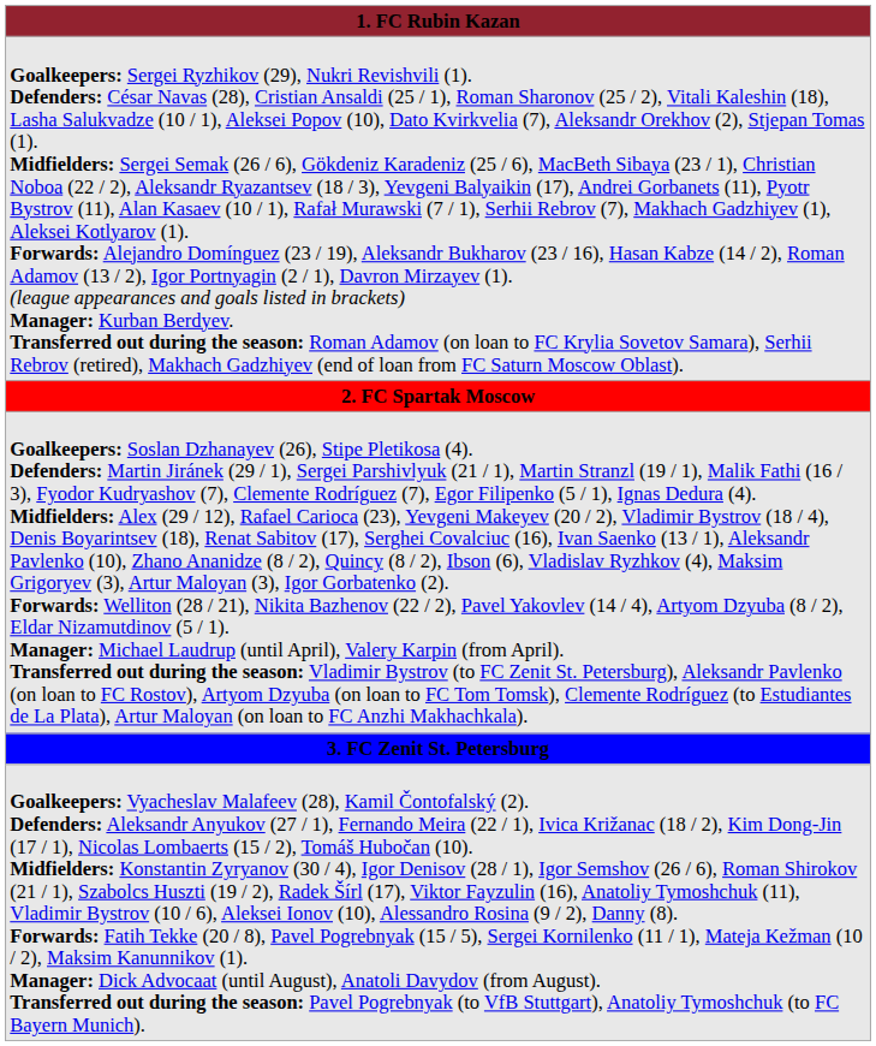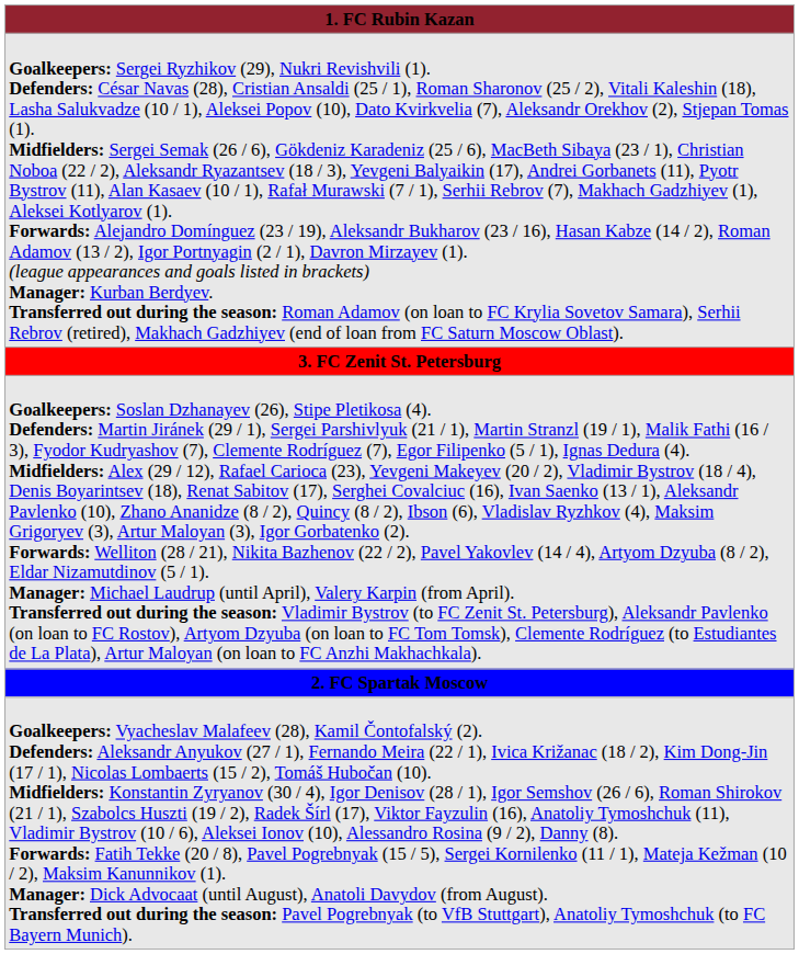 <table class="wikitable" Width="700">
 <tr bgcolor="#92222f">
 <td align="center" width="700"><span> <strong>1. FC Rubin Kazan</strong> </span></td>
 </tr>
 <tr bgcolor="#E8E8E8">
 <td align="left" width="700"><br><strong>Goalkeepers:</strong> <a href='#'>Sergei Ryzhikov</a> (29), <a href='#'>Nukri Revishvili</a>  (1).<br> <strong>Defenders:</strong> <a href='#'>César Navas</a>  (28), <a href='#'>Cristian Ansaldi</a>  (25 / 1), <a href='#'>Roman Sharonov</a> (25 / 2), <a href='#'>Vitali Kaleshin</a> (18), <a href='#'>Lasha Salukvadze</a>  (10 / 1), <a href='#'>Aleksei Popov</a> (10), <a href='#'>Dato Kvirkvelia</a>  (7), <a href='#'>Aleksandr Orekhov</a> (2), <a href='#'>Stjepan Tomas</a>  (1).<br> <strong>Midfielders:</strong> <a href='#'>Sergei Semak</a> (26 / 6), <a href='#'>Gökdeniz Karadeniz</a>  (25 / 6), <a href='#'>MacBeth Sibaya</a>  (23 / 1), <a href='#'>Christian Noboa</a>  (22 / 2), <a href='#'>Aleksandr Ryazantsev</a> (18 / 3), <a href='#'>Yevgeni Balyaikin</a> (17), <a href='#'>Andrei Gorbanets</a> (11), <a href='#'>Pyotr Bystrov</a> (11), <a href='#'>Alan Kasaev</a> (10 / 1), <a href='#'>Rafał Murawski</a>  (7 / 1), <a href='#'>Serhii Rebrov</a>  (7), <a href='#'>Makhach Gadzhiyev</a> (1), <a href='#'>Aleksei Kotlyarov</a> (1).<br> <strong>Forwards:</strong> <a href='#'>Alejandro Domínguez</a>  (23 / 19), <a href='#'>Aleksandr Bukharov</a> (23 / 16), <a href='#'>Hasan Kabze</a>  (14 / 2), <a href='#'>Roman Adamov</a> (13 / 2), <a href='#'>Igor Portnyagin</a> (2 / 1), <a href='#'>Davron Mirzayev</a>  (1).<br><em>(league appearances and goals listed in brackets)</em><br><strong>Manager:</strong> <a href='#'>Kurban Berdyev</a>.<br><strong>Transferred out during the season:</strong> <a href='#'>Roman Adamov</a> (on loan to <a href='#'>FC Krylia Sovetov Samara</a>), <a href='#'>Serhii Rebrov</a>  (retired), <a href='#'>Makhach Gadzhiyev</a> (end of loan from <a href='#'>FC Saturn Moscow Oblast</a>).</td>
 </tr>
 <tr bgcolor="#FF0000">
-<td align="center" width="700"><span> <strong>2. FC Spartak Moscow</strong> </span></td>
+<td align="center" width="700"><span> <strong>3. FC Zenit St. Petersburg</strong> </span></td>
 </tr>
 <tr bgcolor="#E8E8E8">
 <td align="left" width="700"><br><strong>Goalkeepers:</strong> <a href='#'>Soslan Dzhanayev</a> (26), <a href='#'>Stipe Pletikosa</a>  (4).<br> <strong>Defenders:</strong> <a href='#'>Martin Jiránek</a>  (29 / 1), <a href='#'>Sergei Parshivlyuk</a> (21 / 1), <a href='#'>Martin Stranzl</a>  (19 / 1), <a href='#'>Malik Fathi</a>  (16 / 3), <a href='#'>Fyodor Kudryashov</a> (7), <a href='#'>Clemente Rodríguez</a>  (7), <a href='#'>Egor Filipenko</a>  (5 / 1), <a href='#'>Ignas Dedura</a>  (4).<br> <strong>Midfielders:</strong> <a href='#'>Alex</a>  (29 / 12), <a href='#'>Rafael Carioca</a>  (23), <a href='#'>Yevgeni Makeyev</a> (20 / 2), <a href='#'>Vladimir Bystrov</a> (18 / 4), <a href='#'>Denis Boyarintsev</a> (18), <a href='#'>Renat Sabitov</a> (17), <a href='#'>Serghei Covalciuc</a>  (16), <a href='#'>Ivan Saenko</a> (13 / 1), <a href='#'>Aleksandr Pavlenko</a> (10), <a href='#'>Zhano Ananidze</a>  (8 / 2), <a href='#'>Quincy</a>  (8 / 2), <a href='#'>Ibson</a>  (6), <a href='#'>Vladislav Ryzhkov</a> (4), <a href='#'>Maksim Grigoryev</a> (3), <a href='#'>Artur Maloyan</a> (3), <a href='#'>Igor Gorbatenko</a> (2).<br> <strong>Forwards:</strong> <a href='#'>Welliton</a>  (28 / 21), <a href='#'>Nikita Bazhenov</a> (22 / 2), <a href='#'>Pavel Yakovlev</a> (14 / 4), <a href='#'>Artyom Dzyuba</a> (8 / 2), <a href='#'>Eldar Nizamutdinov</a> (5 / 1).<br><strong>Manager:</strong> <a href='#'>Michael Laudrup</a>  (until April), <a href='#'>Valery Karpin</a> (from April).<br><strong>Transferred out during the season:</strong> <a href='#'>Vladimir Bystrov</a> (to <a href='#'>FC Zenit St. Petersburg</a>), <a href='#'>Aleksandr Pavlenko</a> (on loan to <a href='#'>FC Rostov</a>), <a href='#'>Artyom Dzyuba</a> (on loan to <a href='#'>FC Tom Tomsk</a>), <a href='#'>Clemente Rodríguez</a>  (to  <a href='#'>Estudiantes de La Plata</a>), <a href='#'>Artur Maloyan</a> (on loan to <a href='#'>FC Anzhi Makhachkala</a>).</td>
 </tr>
 <tr bgcolor="#0000FF">
-<td align="center" width="700"><span> <strong>3. FC Zenit St. Petersburg</strong> </span></td>
+<td align="center" width="700"><span> <strong>2. FC Spartak Moscow</strong> </span></td>
 </tr>
 <tr bgcolor="#E8E8E8">
 <td align="left" width="700"><br><strong>Goalkeepers:</strong> <a href='#'>Vyacheslav Malafeev</a> (28), <a href='#'>Kamil Čontofalský</a>  (2).<br> <strong>Defenders:</strong> <a href='#'>Aleksandr Anyukov</a> (27 / 1), <a href='#'>Fernando Meira</a>  (22 / 1), <a href='#'>Ivica Križanac</a>  (18 / 2), <a href='#'>Kim Dong-Jin</a>  (17 / 1), <a href='#'>Nicolas Lombaerts</a>  (15 / 2), <a href='#'>Tomáš Hubočan</a>  (10).<br> <strong>Midfielders:</strong> <a href='#'>Konstantin Zyryanov</a> (30 / 4), <a href='#'>Igor Denisov</a> (28 / 1), <a href='#'>Igor Semshov</a> (26 / 6), <a href='#'>Roman Shirokov</a> (21 / 1), <a href='#'>Szabolcs Huszti</a>  (19 / 2), <a href='#'>Radek Šírl</a>  (17), <a href='#'>Viktor Fayzulin</a> (16), <a href='#'>Anatoliy Tymoshchuk</a>  (11), <a href='#'>Vladimir Bystrov</a> (10 / 6), <a href='#'>Aleksei Ionov</a> (10), <a href='#'>Alessandro Rosina</a>  (9 / 2), <a href='#'>Danny</a>  (8).<br> <strong>Forwards:</strong> <a href='#'>Fatih Tekke</a>  (20 / 8), <a href='#'>Pavel Pogrebnyak</a> (15 / 5), <a href='#'>Sergei Kornilenko</a>  (11 / 1), <a href='#'>Mateja Kežman</a>  (10 / 2), <a href='#'>Maksim Kanunnikov</a> (1).<br> <strong>Manager:</strong> <a href='#'>Dick Advocaat</a>  (until August), <a href='#'>Anatoli Davydov</a> (from August).<br><strong>Transferred out during the season:</strong> <a href='#'>Pavel Pogrebnyak</a> (to  <a href='#'>VfB Stuttgart</a>), <a href='#'>Anatoliy Tymoshchuk</a>  (to  <a href='#'>FC Bayern Munich</a>).</td>
 </tr>
 </table>
